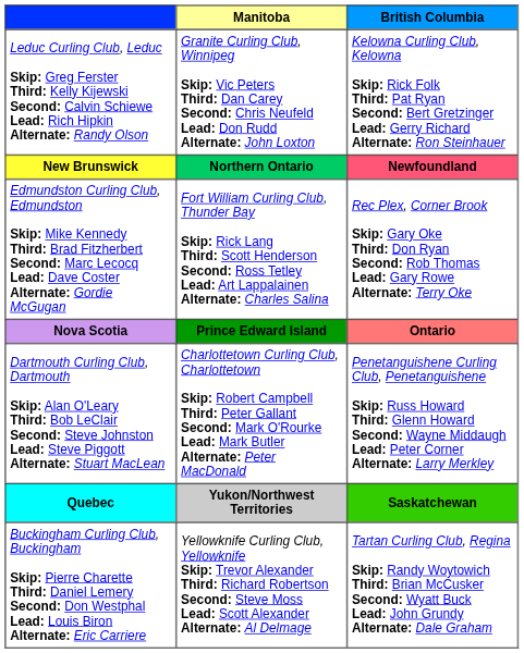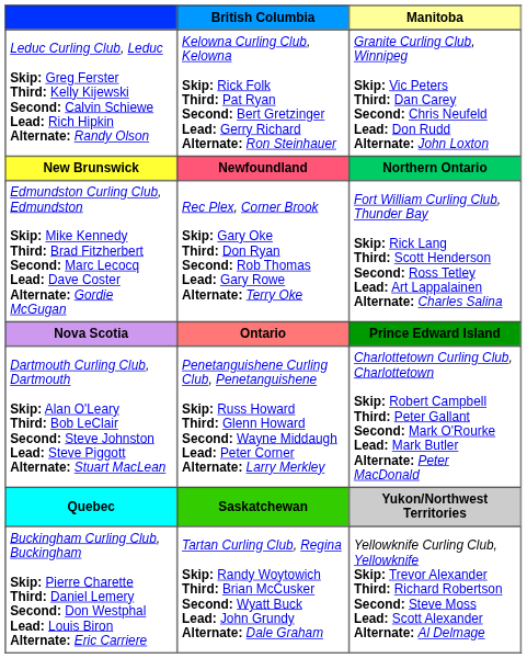 <table border=1 cellpadding=5 cellspacing=0>
 <tr>
 <th bgcolor="#0033ff" width="200"></th>
+<th bgcolor="#0099ff" width="200">British Columbia</th>
 <th bgcolor="#ffff99" width="200">Manitoba</th>
-<th bgcolor="#0099ff" width="200">British Columbia</th>
 </tr>
 <tr align=center>
 <td align=left><em><a href='#'>Leduc Curling Club</a>, <a href='#'>Leduc</a></em> <br><br><strong>Skip:</strong> <a href='#'>Greg Ferster</a> <br> <strong>Third:</strong> <a href='#'>Kelly Kijewski</a> <br> <strong>Second:</strong> <a href='#'>Calvin Schiewe</a> <br> <strong>Lead:</strong> <a href='#'>Rich Hipkin</a> <br> <strong>Alternate:</strong> <em><a href='#'>Randy Olson</a></em></td>
+<td align=left><em><a href='#'>Kelowna Curling Club</a>, <a href='#'>Kelowna</a></em> <br><br><strong>Skip:</strong> <a href='#'>Rick Folk</a> <br> <strong>Third:</strong> <a href='#'>Pat Ryan</a> <br> <strong>Second:</strong> <a href='#'>Bert Gretzinger</a> <br> <strong>Lead:</strong> <a href='#'>Gerry Richard</a> <br> <strong>Alternate:</strong> <em><a href='#'>Ron Steinhauer</a></em></td>
 <td align=left><em><a href='#'>Granite Curling Club</a>, <a href='#'>Winnipeg</a></em> <br><br><strong>Skip:</strong> <a href='#'>Vic Peters</a> <br> <strong>Third:</strong> <a href='#'>Dan Carey</a> <br> <strong>Second:</strong> <a href='#'>Chris Neufeld</a> <br> <strong>Lead:</strong> <a href='#'>Don Rudd</a> <br> <strong>Alternate:</strong> <em><a href='#'>John Loxton</a></em></td>
-<td align=left><em><a href='#'>Kelowna Curling Club</a>, <a href='#'>Kelowna</a></em> <br><br><strong>Skip:</strong> <a href='#'>Rick Folk</a> <br> <strong>Third:</strong> <a href='#'>Pat Ryan</a> <br> <strong>Second:</strong> <a href='#'>Bert Gretzinger</a> <br> <strong>Lead:</strong> <a href='#'>Gerry Richard</a> <br> <strong>Alternate:</strong> <em><a href='#'>Ron Steinhauer</a></em></td>
 </tr>
 <tr border=1 cellpadding=5 cellspacing=0>
 <th bgcolor="#ffff33" width="200">New Brunswick</th>
+<th bgcolor="#ff5577" width="200">Newfoundland</th>
 <th bgcolor="#00CC66" width="200">Northern Ontario</th>
-<th bgcolor="#ff5577" width="200">Newfoundland</th>
 </tr>
 <tr align=center>
 <td align=left><em><a href='#'>Edmundston Curling Club</a>, <a href='#'>Edmundston</a></em> <br><br><strong>Skip:</strong> <a href='#'>Mike Kennedy</a> <br> <strong>Third:</strong>  <a href='#'>Brad Fitzherbert</a> <br> <strong>Second:</strong> <a href='#'>Marc Lecocq</a> <br> <strong>Lead:</strong> <a href='#'>Dave Coster</a> <br> <strong>Alternate:</strong> <em><a href='#'>Gordie McGugan</a></em></td>
+<td align=left><em><a href='#'>Rec Plex</a>, <a href='#'>Corner Brook</a></em> <br><br><strong>Skip:</strong> <a href='#'>Gary Oke</a> <br> <strong>Third:</strong> <a href='#'>Don Ryan</a> <br> <strong>Second:</strong> <a href='#'>Rob Thomas</a> <br> <strong>Lead:</strong> <a href='#'>Gary Rowe</a> <br> <strong>Alternate:</strong> <em><a href='#'>Terry Oke</a></em></td>
 <td align=left><em><a href='#'>Fort William Curling Club</a>, <a href='#'>Thunder Bay</a></em> <br><br><strong>Skip:</strong> <a href='#'>Rick Lang</a> <br> <strong>Third:</strong> <a href='#'>Scott Henderson</a> <br> <strong>Second:</strong> <a href='#'>Ross Tetley</a> <br> <strong>Lead:</strong> <a href='#'>Art Lappalainen</a> <br> <strong>Alternate:</strong> <em><a href='#'>Charles Salina</a></em></td>
-<td align=left><em><a href='#'>Rec Plex</a>, <a href='#'>Corner Brook</a></em> <br><br><strong>Skip:</strong> <a href='#'>Gary Oke</a> <br> <strong>Third:</strong> <a href='#'>Don Ryan</a> <br> <strong>Second:</strong> <a href='#'>Rob Thomas</a> <br> <strong>Lead:</strong> <a href='#'>Gary Rowe</a> <br> <strong>Alternate:</strong> <em><a href='#'>Terry Oke</a></em></td>
 </tr>
 <tr border=1 cellpadding=5 cellspacing=0>
 <th bgcolor="#cc99ee" width="200">Nova Scotia</th>
+<th bgcolor="#ff7777" width="200">Ontario</th>
 <th bgcolor="#009900" width="200">Prince Edward Island</th>
-<th bgcolor="#ff7777" width="200">Ontario</th>
 </tr>
 <tr align=center>
 <td align=left><em><a href='#'>Dartmouth Curling Club</a>, <a href='#'>Dartmouth</a></em> <br><br><strong>Skip:</strong>  <a href='#'>Alan O'Leary</a> <br>  <strong>Third:</strong> <a href='#'>Bob LeClair</a> <br> <strong>Second:</strong> <a href='#'>Steve Johnston</a> <br> <strong>Lead:</strong> <a href='#'>Steve Piggott</a> <br> <strong>Alternate:</strong> <em><a href='#'>Stuart MacLean</a></em></td>
+<td align=left><em><a href='#'>Penetanguishene Curling Club</a>, <a href='#'>Penetanguishene</a></em> <br><br><strong>Skip:</strong> <a href='#'>Russ Howard</a> <br> <strong>Third:</strong> <a href='#'>Glenn Howard</a> <br> <strong>Second:</strong> <a href='#'>Wayne Middaugh</a> <br> <strong>Lead:</strong> <a href='#'>Peter Corner</a> <br> <strong>Alternate:</strong> <em><a href='#'>Larry Merkley</a></em></td>
 <td align=left><em><a href='#'>Charlottetown Curling Club</a>, <a href='#'>Charlottetown</a></em> <br><br><strong>Skip:</strong> <a href='#'>Robert Campbell</a> <br> <strong>Third:</strong> <a href='#'>Peter Gallant</a> <br> <strong>Second:</strong> <a href='#'>Mark O'Rourke</a> <br> <strong>Lead:</strong> <a href='#'>Mark Butler</a> <br> <strong>Alternate:</strong> <em><a href='#'>Peter MacDonald</a></em></td>
-<td align=left><em><a href='#'>Penetanguishene Curling Club</a>, <a href='#'>Penetanguishene</a></em> <br><br><strong>Skip:</strong> <a href='#'>Russ Howard</a> <br> <strong>Third:</strong> <a href='#'>Glenn Howard</a> <br> <strong>Second:</strong> <a href='#'>Wayne Middaugh</a> <br> <strong>Lead:</strong> <a href='#'>Peter Corner</a> <br> <strong>Alternate:</strong> <em><a href='#'>Larry Merkley</a></em></td>
 </tr>
 <tr border=1 cellpadding=5 cellspacing=0>
 <th bgcolor="#00ffff" width="200">Quebec</th>
+<th bgcolor="#33cc00" width="200">Saskatchewan</th>
 <th bgcolor="#cccccc" width="200">Yukon/Northwest Territories</th>
-<th bgcolor="#33cc00" width="200">Saskatchewan</th>
 </tr>
 <tr align=center>
 <td align=left><em><a href='#'>Buckingham Curling Club</a>, <a href='#'>Buckingham</a>  </em> <br><br><strong>Skip:</strong> <a href='#'>Pierre Charette</a> <br> <strong>Third:</strong> <a href='#'>Daniel Lemery</a> <br> <strong>Second:</strong> <a href='#'>Don Westphal</a> <br> <strong>Lead:</strong> <a href='#'>Louis Biron</a> <br> <strong>Alternate:</strong> <em><a href='#'>Eric Carriere</a></em></td>
+<td align=left><em><a href='#'>Tartan Curling Club</a>, <a href='#'>Regina</a></em> <br><br><strong>Skip:</strong> <a href='#'>Randy Woytowich</a> <br> <strong>Third:</strong> <a href='#'>Brian McCusker</a> <br> <strong>Second:</strong> <a href='#'>Wyatt Buck</a> <br> <strong>Lead:</strong> <a href='#'>John Grundy</a> <br> <strong>Alternate:</strong> <em><a href='#'>Dale Graham</a></em></td>
 <td align=left><em>Yellowknife Curling Club, <a href='#'>Yellowknife</a></em><br><strong>Skip:</strong> <a href='#'>Trevor Alexander</a> <br> <strong>Third:</strong> <a href='#'>Richard Robertson</a> <br> <strong>Second:</strong> <a href='#'>Steve Moss</a> <br> <strong>Lead:</strong> <a href='#'>Scott Alexander</a> <br> <strong>Alternate:</strong> <em><a href='#'>Al Delmage</a></em></td>
-<td align=left><em><a href='#'>Tartan Curling Club</a>, <a href='#'>Regina</a></em> <br><br><strong>Skip:</strong> <a href='#'>Randy Woytowich</a> <br> <strong>Third:</strong> <a href='#'>Brian McCusker</a> <br> <strong>Second:</strong> <a href='#'>Wyatt Buck</a> <br> <strong>Lead:</strong> <a href='#'>John Grundy</a> <br> <strong>Alternate:</strong> <em><a href='#'>Dale Graham</a></em></td>
 </tr>
 </table>
